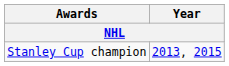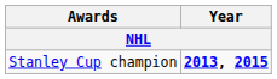 <table class="wikitable">
 <tr>
 <th>Awards</th>
 <th>Year</th>
 </tr>
 <tr>
 <th colspan="2"><a href='#'>NHL</a></th>
 </tr>
 <tr>
 <td><a href='#'>Stanley Cup</a> champion</td>
-<td><a href='#'>2013</a>, <a href='#'>2015</a></td>
+<td><strong><a href='#'>2013</a>, <a href='#'>2015</a></strong></td>
 </tr>
 </table>
